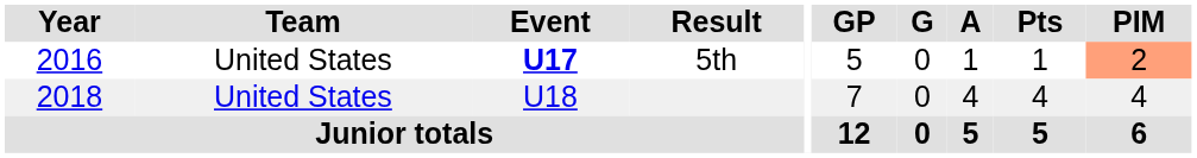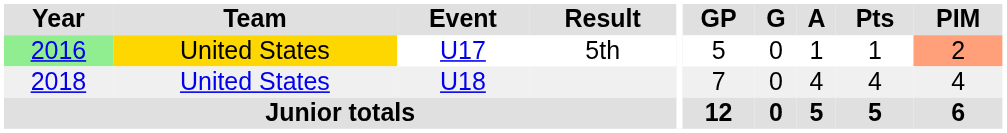 <table border="0" cellpadding="1" cellspacing="0" ID="Table3" style="text-align:center; width:40em">
 <tr bgcolor="#e0e0e0">
 <th>Year</th>
 <th>Team</th>
 <th>Event</th>
 <th>Result</th>
 <th rowspan="99" bgcolor="#ffffff"></th>
 <th>GP</th>
 <th>G</th>
 <th>A</th>
 <th>Pts</th>
 <th>PIM</th>
 </tr>
 <tr>
-<td><a href='#'>2016</a></td>
-<td>United States</td>
-<td><strong><a href='#'>U17</a></strong></td>
+<td style="background: lightgreen;"><a href='#'>2016</a></td>
+<td style="background: gold;">United States</td>
+<td><a href='#'>U17</a></td>
 <td>5th</td>
 <td>5</td>
 <td>0</td>
 <td>1</td>
 <td>1</td>
 <td style="background: lightsalmon;">2</td>
 </tr>
 <tr bgcolor="#f0f0f0">
 <td><a href='#'>2018</a></td>
 <td><a href='#'>United States</a></td>
 <td><a href='#'>U18</a></td>
 <td></td>
 <td>7</td>
 <td>0</td>
 <td>4</td>
 <td>4</td>
 <td>4</td>
 </tr>
 <tr bgcolor="#e0e0e0">
 <th colspan="4">Junior totals</th>
 <th>12</th>
 <th>0</th>
 <th>5</th>
 <th>5</th>
 <th>6</th>
 </tr>
 </table>
